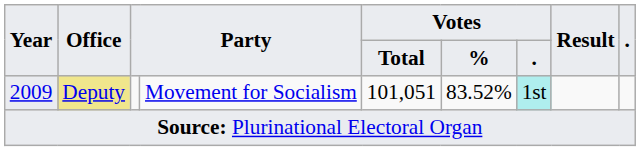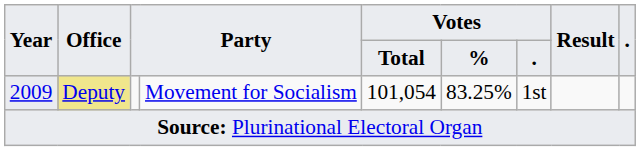 <table class="wikitable" style="font-size:90%; text-align:center;">
 <tr>
 <th style="background-color:#EAECF0;" rowspan=2>Year</th>
 <th style="background-color:#EAECF0;" rowspan=2>Office</th>
 <th style="background-color:#EAECF0;" colspan=2 rowspan=2>Party</th>
 <th style="background-color:#EAECF0;" colspan=3>Votes</th>
 <th style="background-color:#EAECF0;" rowspan=2>Result</th>
 <th style="background-color:#EAECF0;" rowspan=2>.</th>
 </tr>
 <tr>
 <th style="background-color:#EAECF0;">Total</th>
 <th style="background-color:#EAECF0;">%</th>
 <th style="background-color:#EAECF0;">.</th>
 </tr>
 <tr>
 <td style="background-color:#EAECF0;"><a href='#'>2009</a></td>
 <td style="background: khaki;"><a href='#'>Deputy</a></td>
 <td style="background-color:"></td>
 <td><a href='#'>Movement for Socialism</a></td>
-<td>101,051</td>
-<td>83.52%</td>
-<td style="background: paleturquoise;">1st</td>
+<td>101,054</td>
+<td>83.25%</td>
+<td>1st</td>
 <td></td>
 <td></td>
 </tr>
 <tr>
 <td style="background-color:#EAECF0;" colspan=9><strong>Source:</strong> <a href='#'>Plurinational Electoral Organ</a>  </td>
 </tr>
 </table>
